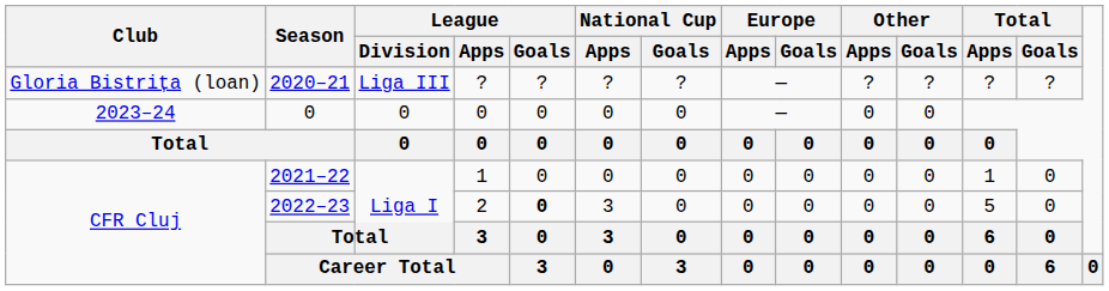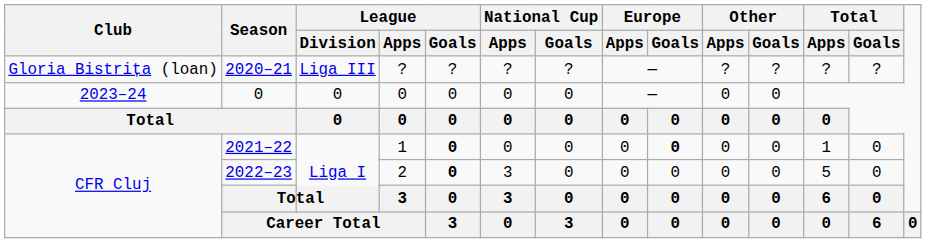 <table class=wikitable style=text-align:center>
 <tr>
 <th rowspan=2>Club</th>
 <th rowspan=2>Season</th>
 <th colspan=3>League</th>
 <th colspan=2>National Cup</th>
 <th colspan=2>Europe</th>
 <th colspan=2>Other</th>
 <th colspan=2>Total</th>
 </tr>
 <tr>
 <th>Division</th>
 <th>Apps</th>
 <th>Goals</th>
 <th>Apps</th>
 <th>Goals</th>
 <th>Apps</th>
 <th>Goals</th>
 <th>Apps</th>
 <th>Goals</th>
 <th>Apps</th>
 <th>Goals</th>
 </tr>
 <tr>
 <td rowspan="1"><a href='#'>Gloria Bistrița</a> (loan)</td>
 <td><a href='#'>2020–21</a></td>
 <td rowspan="1"><a href='#'>Liga III</a></td>
 <td>?</td>
 <td>?</td>
 <td>?</td>
 <td>?</td>
 <td colspan="2">—</td>
 <td>?</td>
 <td>?</td>
 <td>?</td>
 <td>?</td>
 </tr>
 <tr>
 <td><a href='#'>2023–24</a></td>
 <td>0</td>
 <td>0</td>
 <td>0</td>
 <td>0</td>
 <td>0</td>
 <td>0</td>
 <td colspan="2">—</td>
 <td>0</td>
 <td>0</td>
 </tr>
 <tr>
 <th colspan="2">Total</th>
 <th>0</th>
 <th>0</th>
 <th>0</th>
 <th>0</th>
 <th>0</th>
 <th>0</th>
 <th>0</th>
 <th>0</th>
 <th>0</th>
 <th>0</th>
 </tr>
 <tr>
 <td rowspan="4"><a href='#'>CFR Cluj</a></td>
 <td><a href='#'>2021–22</a></td>
 <td rowspan="3"><a href='#'>Liga I</a></td>
 <td>1</td>
+<td><strong>0</strong></td>
 <td>0</td>
 <td>0</td>
 <td>0</td>
-<td>0</td>
-<td>0</td>
+<td><strong>0</strong></td>
 <td>0</td>
 <td>0</td>
 <td>1</td>
 <td>0</td>
 </tr>
 <tr>
 <td><a href='#'>2022–23</a></td>
 <td>2</td>
 <td><strong>0</strong></td>
 <td>3</td>
 <td>0</td>
 <td>0</td>
 <td>0</td>
 <td>0</td>
 <td>0</td>
 <td>5</td>
 <td>0</td>
 </tr>
 <tr>
 <th colspan="2">Total</th>
 <th>3</th>
 <th>0</th>
 <th>3</th>
 <th>0</th>
 <th>0</th>
 <th>0</th>
 <th>0</th>
 <th>0</th>
 <th>6</th>
 <th>0</th>
 </tr>
 <tr>
 <th colspan="3">Career Total</th>
 <th>3</th>
 <th>0</th>
 <th>3</th>
 <th>0</th>
 <th>0</th>
 <th>0</th>
 <th>0</th>
 <th>0</th>
 <th>6</th>
 <th>0</th>
 </tr>
 </table>
